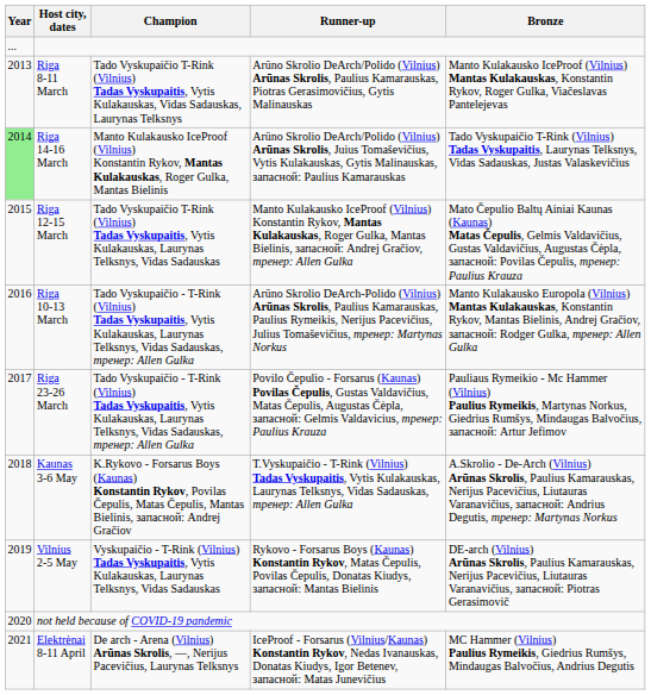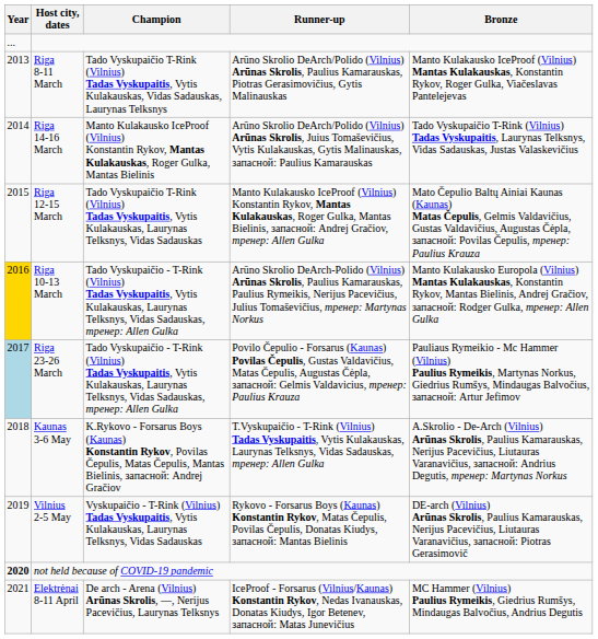 <table class="wikitable">
 <tr>
 <th>Year</th>
 <th>Host city,<br>dates</th>
 <th>Champion</th>
 <th>Runner-up</th>
 <th>Bronze</th>
 </tr>
 <tr valign="top">
 <td>...</td>
 </tr>
 <tr valign="top">
 <td>2013</td>
 <td><a href='#'>Riga</a><br>8-11 March</td>
 <td>Tado Vyskupaičio T-Rink (<a href='#'>Vilnius</a>)<br><strong><a href='#'>Tadas Vyskupaitis</a></strong>, Vytis Kulakauskas, Vidas Sadauskas, Laurynas Telksnys</td>
 <td>Arūno Skrolio DeArch/Polido (<a href='#'>Vilnius</a>)<br><strong>Arūnas Skrolis</strong>, Paulius Kamarauskas, Piotras Gerasimovičius, Gytis Malinauskas</td>
 <td>Manto Kulakausko IceProof (<a href='#'>Vilnius</a>)<br><strong>Mantas Kulakauskas</strong>, Konstantin Rykov, Roger Gulka, Viačeslavas Pantelejevas</td>
 </tr>
 <tr valign="top">
-<td style="background: lightgreen;">2014</td>
+<td>2014</td>
 <td><a href='#'>Riga</a><br>14-16 March</td>
 <td>Manto Kulakausko IceProof (<a href='#'>Vilnius</a>)<br>Konstantin Rykov, <strong>Mantas Kulakauskas</strong>, Roger Gulka, Mantas Bielinis</td>
 <td>Arūno Skrolio DeArch/Polido (<a href='#'>Vilnius</a>)<br><strong>Arūnas Skrolis</strong>, Juius Tomaševičius, Vytis Kulakauskas, Gytis Malinauskas, запасной: Paulius Kamarauskas</td>
 <td>Tado Vyskupaičio T-Rink (<a href='#'>Vilnius</a>)<br><strong><a href='#'>Tadas Vyskupaitis</a></strong>, Laurynas Telksnys, Vidas Sadauskas, Justas Valaskevičius</td>
 </tr>
 <tr valign="top">
 <td>2015</td>
 <td><a href='#'>Riga</a><br>12-15 March</td>
 <td>Tado Vyskupaičio T-Rink (<a href='#'>Vilnius</a>)<br><strong><a href='#'>Tadas Vyskupaitis</a></strong>, Vytis Kulakauskas, Laurynas Telksnys, Vidas Sadauskas</td>
 <td>Manto Kulakausko IceProof (<a href='#'>Vilnius</a>)<br>Konstantin Rykov, <strong>Mantas Kulakauskas</strong>, Roger Gulka, Mantas Bielinis, запасной: Andrej Gračiov, <em>тренер: Allen Gulka</em></td>
 <td>Mato Čepulio Baltų Ainiai Kaunas (<a href='#'>Kaunas</a>)<br><strong>Matas Čepulis</strong>, Gelmis Valdavičius, Gustas Valdavičius, Augustas Čėpla, запасной: Povilas Čepulis, <em>тренер: Paulius Krauza</em></td>
 </tr>
 <tr valign="top">
-<td>2016</td>
+<td style="background: gold;">2016</td>
 <td><a href='#'>Riga</a><br>10-13 March</td>
 <td>Tado Vyskupaičio - T-Rink (<a href='#'>Vilnius</a>)<br><strong><a href='#'>Tadas Vyskupaitis</a></strong>, Vytis Kulakauskas, Laurynas Telksnys, Vidas Sadauskas, <em>тренер: Allen Gulka</em></td>
 <td>Arūno Skrolio DeArch-Polido (<a href='#'>Vilnius</a>)<br><strong>Arūnas Skrolis</strong>, Paulius Kamarauskas, Paulius Rymeikis, Nerijus Pacevičius, Julius Tomaševičius, <em>тренер: Martynas Norkus</em></td>
 <td>Manto Kulakausko Europola (<a href='#'>Vilnius</a>)<br><strong>Mantas Kulakauskas</strong>, Konstantin Rykov, Mantas Bielinis, Andrej Gračiov, запасной: Rodger Gulka, <em>тренер: Allen Gulka</em></td>
 </tr>
 <tr valign="top">
-<td>2017</td>
+<td style="background: lightblue;">2017</td>
 <td><a href='#'>Riga</a><br>23-26 March</td>
 <td>Tado Vyskupaičio - T-Rink (<a href='#'>Vilnius</a>)<br><strong><a href='#'>Tadas Vyskupaitis</a></strong>, Vytis Kulakauskas, Laurynas Telksnys, Vidas Sadauskas, <em>тренер: Allen Gulka</em></td>
 <td>Povilo Čepulio - Forsarus (<a href='#'>Kaunas</a>)<br><strong>Povilas Čepulis</strong>, Gustas Valdavičius, Matas Čepulis, Augustas Čėpla, запасной: Gelmis Valdavicius, <em>тренер: Paulius Krauza</em></td>
 <td>Pauliaus Rymeikio - Mc Hammer (<a href='#'>Vilnius</a>)<br><strong>Paulius Rymeikis</strong>, Martynas Norkus, Giedrius Rumšys, Mindaugas Balvočius, запасной: Artur Jefimov</td>
 </tr>
 <tr valign="top">
 <td>2018</td>
 <td><a href='#'>Kaunas</a><br>3-6 May</td>
 <td>K.Rykovo - Forsarus Boys (<a href='#'>Kaunas</a>)<br><strong>Konstantin Rykov</strong>, Povilas Čepulis, Matas Čepulis, Mantas Bielinis, запасной: Andrej Gračiov</td>
 <td>T.Vyskupaičio - T-Rink (<a href='#'>Vilnius</a>)<br><strong><a href='#'>Tadas Vyskupaitis</a></strong>, Vytis Kulakauskas, Laurynas Telksnys, Vidas Sadauskas, <em>тренер: Allen Gulka</em></td>
 <td>A.Skrolio - De-Arch (<a href='#'>Vilnius</a>)<br><strong>Arūnas Skrolis</strong>, Paulius Kamarauskas, Nerijus Pacevičius, Liutauras Varanavičius, запасной: Andrius Degutis, <em>тренер: Martynas Norkus</em></td>
 </tr>
 <tr valign="top">
 <td>2019</td>
 <td><a href='#'>Vilnius</a><br>2-5 May</td>
 <td>Vyskupaičio - T-Rink (<a href='#'>Vilnius</a>)<br><strong><a href='#'>Tadas Vyskupaitis</a></strong>, Vytis Kulakauskas, Laurynas Telksnys, Vidas Sadauskas</td>
 <td>Rykovo - Forsarus Boys (<a href='#'>Kaunas</a>)<br><strong>Konstantin Rykov</strong>, Matas Čepulis, Povilas Čepulis, Donatas Kiudys, запасной: Mantas Bielinis</td>
 <td>DE-arch (<a href='#'>Vilnius</a>)<br><strong>Arūnas Skrolis</strong>, Paulius Kamarauskas, Nerijus Pacevičius, Liutauras Varanavičius, запасной: Piotras Gerasimovič</td>
 </tr>
 <tr valign="top">
-<td>2020</td>
+<td><strong>2020</strong></td>
 <td colspan=4><em>not held because of <a href='#'>COVID-19 pandemic</a></em></td>
 </tr>
 <tr valign="top">
 <td>2021</td>
 <td><a href='#'>Elektrėnai</a><br>8-11 April</td>
 <td>De arch - Arena (<a href='#'>Vilnius</a>)<br><strong>Arūnas Skrolis</strong>, —, Nerijus Pacevičius, Laurynas Telksnys</td>
 <td>IceProof - Forsarus (<a href='#'>Vilnius</a>/<a href='#'>Kaunas</a>)<br><strong>Konstantin Rykov</strong>, Nedas Ivanauskas, Donatas Kiudys, Igor Betenev, запасной: Matas Junevičius</td>
 <td>MC Hammer (<a href='#'>Vilnius</a>)<br><strong>Paulius Rymeikis</strong>, Giedrius Rumšys, Mindaugas Balvočius, Andrius Degutis<br></td>
 </tr>
 </table>
